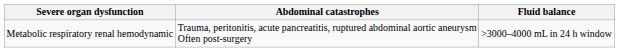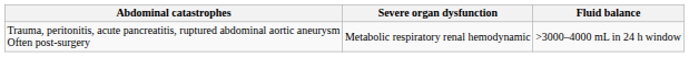 <table class="wikitable">
 <tr>
+<th>Abdominal catastrophes</th>
 <th>Severe organ dysfunction</th>
-<th>Abdominal catastrophes</th>
 <th>Fluid balance</th>
 </tr>
 <tr>
+<td>Trauma, peritonitis, acute pancreatitis, ruptured abdominal aortic aneurysm<br>Often post-surgery</td>
 <td>Metabolic respiratory renal hemodynamic</td>
-<td>Trauma, peritonitis, acute pancreatitis, ruptured abdominal aortic aneurysm<br>Often post-surgery</td>
 <td>>3000–4000 mL in 24 h window</td>
 </tr>
 </table>
